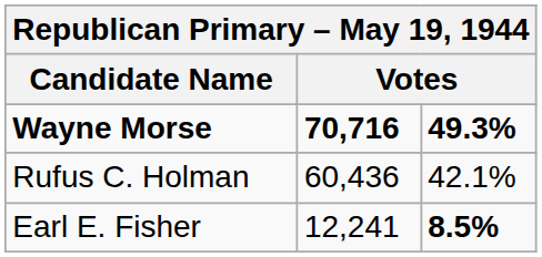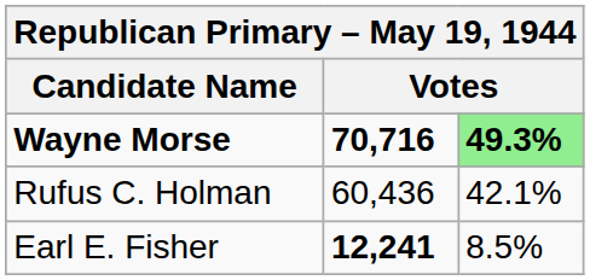 <table class="wikitable">
 <tr>
 <th colspan="4">Republican Primary – May 19, 1944</th>
 </tr>
 <tr>
 <th>Candidate Name</th>
 <th colspan="3">Votes</th>
 </tr>
 <tr>
 <td><strong>Wayne Morse</strong></td>
 <td><strong>70,716</strong></td>
-<td><strong>49.3%</strong></td>
+<td style="background: lightgreen;"><strong>49.3%</strong></td>
 </tr>
 <tr>
 <td>Rufus C. Holman</td>
 <td>60,436</td>
 <td>42.1%</td>
 </tr>
 <tr>
 <td>Earl E. Fisher</td>
-<td>12,241</td>
-<td><strong>8.5%</strong></td>
+<td><strong>12,241</strong></td>
+<td>8.5%</td>
 </tr>
 </table>
